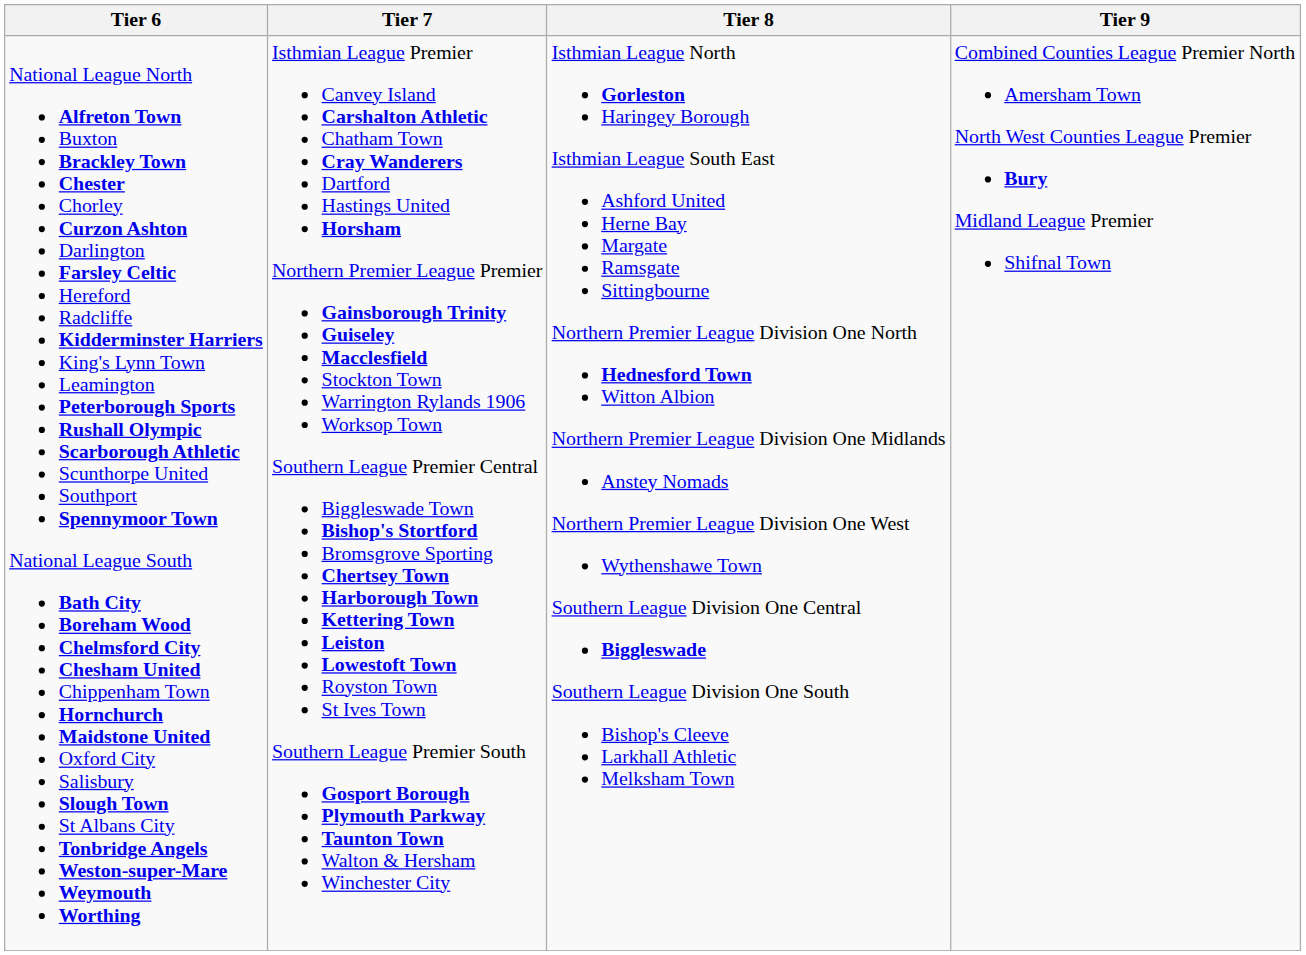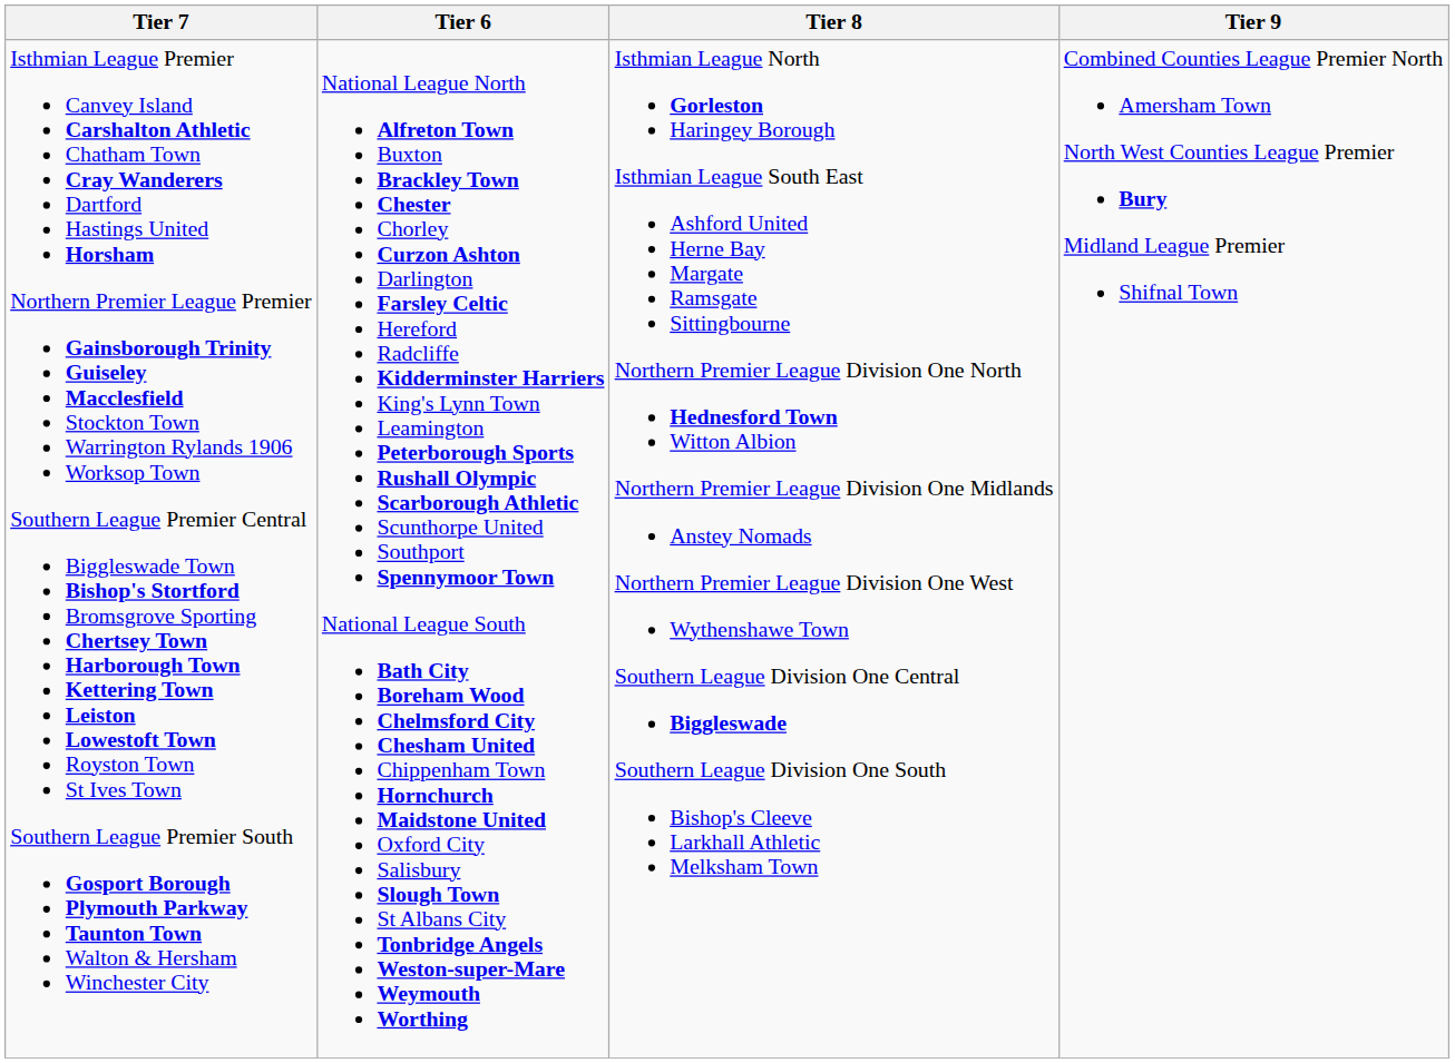 <table class="wikitable" style="text-align:left">
 <tr>
+<th>Tier 7</th>
 <th>Tier 6</th>
-<th>Tier 7</th>
 <th>Tier 8</th>
 <th>Tier 9</th>
 </tr>
 <tr>
+<td valign=top><a href='#'>Isthmian League</a> Premier<br><ul><li><a href='#'>Canvey Island</a></li><li><a href='#'><strong>Carshalton Athletic</strong></a></li><li><a href='#'>Chatham Town</a></li><li><a href='#'><strong>Cray Wanderers</strong></a></li><li><a href='#'>Dartford</a></li><li><a href='#'>Hastings United</a></li><li><a href='#'><strong>Horsham</strong></a></li></ul><a href='#'>Northern Premier League</a> Premier<ul><li><a href='#'><strong>Gainsborough Trinity</strong></a></li><li><a href='#'><strong>Guiseley</strong></a></li><li><a href='#'><strong>Macclesfield</strong></a></li><li><a href='#'>Stockton Town</a></li><li><a href='#'>Warrington Rylands 1906</a></li><li><a href='#'>Worksop Town</a></li></ul><a href='#'>Southern League</a> Premier Central<ul><li><a href='#'>Biggleswade Town</a></li><li><a href='#'><strong>Bishop's Stortford</strong></a></li><li><a href='#'>Bromsgrove Sporting</a></li><li><a href='#'><strong>Chertsey Town</strong></a></li><li><a href='#'><strong>Harborough Town</strong></a></li><li><a href='#'><strong>Kettering Town</strong></a></li><li><a href='#'><strong>Leiston</strong></a></li><li><a href='#'><strong>Lowestoft Town</strong></a></li><li><a href='#'>Royston Town</a></li><li><a href='#'>St Ives Town</a></li></ul><a href='#'>Southern League</a> Premier South<ul><li><a href='#'><strong>Gosport Borough</strong></a></li><li><a href='#'><strong>Plymouth Parkway</strong></a></li><li><a href='#'><strong>Taunton Town</strong></a></li><li><a href='#'>Walton & Hersham</a></li><li><a href='#'>Winchester City</a></li></ul></td>
 <td valign=top><br><a href='#'>National League North</a><ul><li><a href='#'><strong>Alfreton Town</strong></a></li><li><a href='#'>Buxton</a></li><li><a href='#'><strong>Brackley Town</strong></a></li><li><a href='#'><strong>Chester</strong></a></li><li><a href='#'>Chorley</a></li><li><a href='#'><strong>Curzon Ashton</strong></a></li><li><a href='#'>Darlington</a></li><li><a href='#'><strong>Farsley Celtic</strong></a></li><li><a href='#'>Hereford</a></li><li><a href='#'>Radcliffe</a></li><li><a href='#'><strong>Kidderminster Harriers</strong></a></li><li><a href='#'>King's Lynn Town</a></li><li><a href='#'>Leamington</a></li><li><a href='#'><strong>Peterborough Sports</strong></a></li><li><a href='#'><strong>Rushall Olympic</strong></a></li><li><a href='#'><strong>Scarborough Athletic</strong></a></li><li><a href='#'>Scunthorpe United</a></li><li><a href='#'>Southport</a></li><li><a href='#'><strong>Spennymoor Town</strong></a></li></ul><a href='#'>National League South</a><ul><li><a href='#'><strong>Bath City</strong></a></li><li><a href='#'><strong>Boreham Wood</strong></a></li><li><a href='#'><strong>Chelmsford City</strong></a></li><li><a href='#'><strong>Chesham United</strong></a></li><li><a href='#'>Chippenham Town</a></li><li><a href='#'><strong>Hornchurch</strong></a></li><li><a href='#'><strong>Maidstone United</strong></a></li><li><a href='#'>Oxford City</a></li><li><a href='#'>Salisbury</a></li><li><a href='#'><strong>Slough Town</strong></a></li><li><a href='#'>St Albans City</a></li><li><a href='#'><strong>Tonbridge Angels</strong></a></li><li><a href='#'><strong>Weston-super-Mare</strong></a></li><li><a href='#'><strong>Weymouth</strong></a></li><li><a href='#'><strong>Worthing</strong></a></li></ul></td>
-<td valign=top><a href='#'>Isthmian League</a> Premier<br><ul><li><a href='#'>Canvey Island</a></li><li><a href='#'><strong>Carshalton Athletic</strong></a></li><li><a href='#'>Chatham Town</a></li><li><a href='#'><strong>Cray Wanderers</strong></a></li><li><a href='#'>Dartford</a></li><li><a href='#'>Hastings United</a></li><li><a href='#'><strong>Horsham</strong></a></li></ul><a href='#'>Northern Premier League</a> Premier<ul><li><a href='#'><strong>Gainsborough Trinity</strong></a></li><li><a href='#'><strong>Guiseley</strong></a></li><li><a href='#'><strong>Macclesfield</strong></a></li><li><a href='#'>Stockton Town</a></li><li><a href='#'>Warrington Rylands 1906</a></li><li><a href='#'>Worksop Town</a></li></ul><a href='#'>Southern League</a> Premier Central<ul><li><a href='#'>Biggleswade Town</a></li><li><a href='#'><strong>Bishop's Stortford</strong></a></li><li><a href='#'>Bromsgrove Sporting</a></li><li><a href='#'><strong>Chertsey Town</strong></a></li><li><a href='#'><strong>Harborough Town</strong></a></li><li><a href='#'><strong>Kettering Town</strong></a></li><li><a href='#'><strong>Leiston</strong></a></li><li><a href='#'><strong>Lowestoft Town</strong></a></li><li><a href='#'>Royston Town</a></li><li><a href='#'>St Ives Town</a></li></ul><a href='#'>Southern League</a> Premier South<ul><li><a href='#'><strong>Gosport Borough</strong></a></li><li><a href='#'><strong>Plymouth Parkway</strong></a></li><li><a href='#'><strong>Taunton Town</strong></a></li><li><a href='#'>Walton & Hersham</a></li><li><a href='#'>Winchester City</a></li></ul></td>
 <td valign=top><a href='#'>Isthmian League</a> North<br><ul><li><a href='#'><strong>Gorleston</strong></a></li><li><a href='#'>Haringey Borough</a></li></ul><a href='#'>Isthmian League</a> South East<ul><li><a href='#'>Ashford United</a></li><li><a href='#'>Herne Bay</a></li><li><a href='#'>Margate</a></li><li><a href='#'>Ramsgate</a></li><li><a href='#'>Sittingbourne</a></li></ul><a href='#'>Northern Premier League</a> Division One North<ul><li><a href='#'><strong>Hednesford Town</strong></a></li><li><a href='#'>Witton Albion</a></li></ul><a href='#'>Northern Premier League</a> Division One Midlands<ul><li><a href='#'>Anstey Nomads</a></li></ul><a href='#'>Northern Premier League</a> Division One West<ul><li><a href='#'>Wythenshawe Town</a></li></ul><a href='#'>Southern League</a> Division One Central<ul><li><a href='#'><strong>Biggleswade</strong></a></li></ul><a href='#'>Southern League</a> Division One South<ul><li><a href='#'>Bishop's Cleeve</a></li><li><a href='#'>Larkhall Athletic</a></li><li><a href='#'>Melksham Town</a></li></ul></td>
 <td valign=top><a href='#'>Combined Counties League</a> Premier North<br><ul><li><a href='#'>Amersham Town</a></li></ul><a href='#'>North West Counties League</a> Premier<ul><li><a href='#'><strong>Bury</strong></a></li></ul><a href='#'>Midland League</a> Premier<ul><li><a href='#'>Shifnal Town</a></li></ul></td>
 </tr>
 </table>
